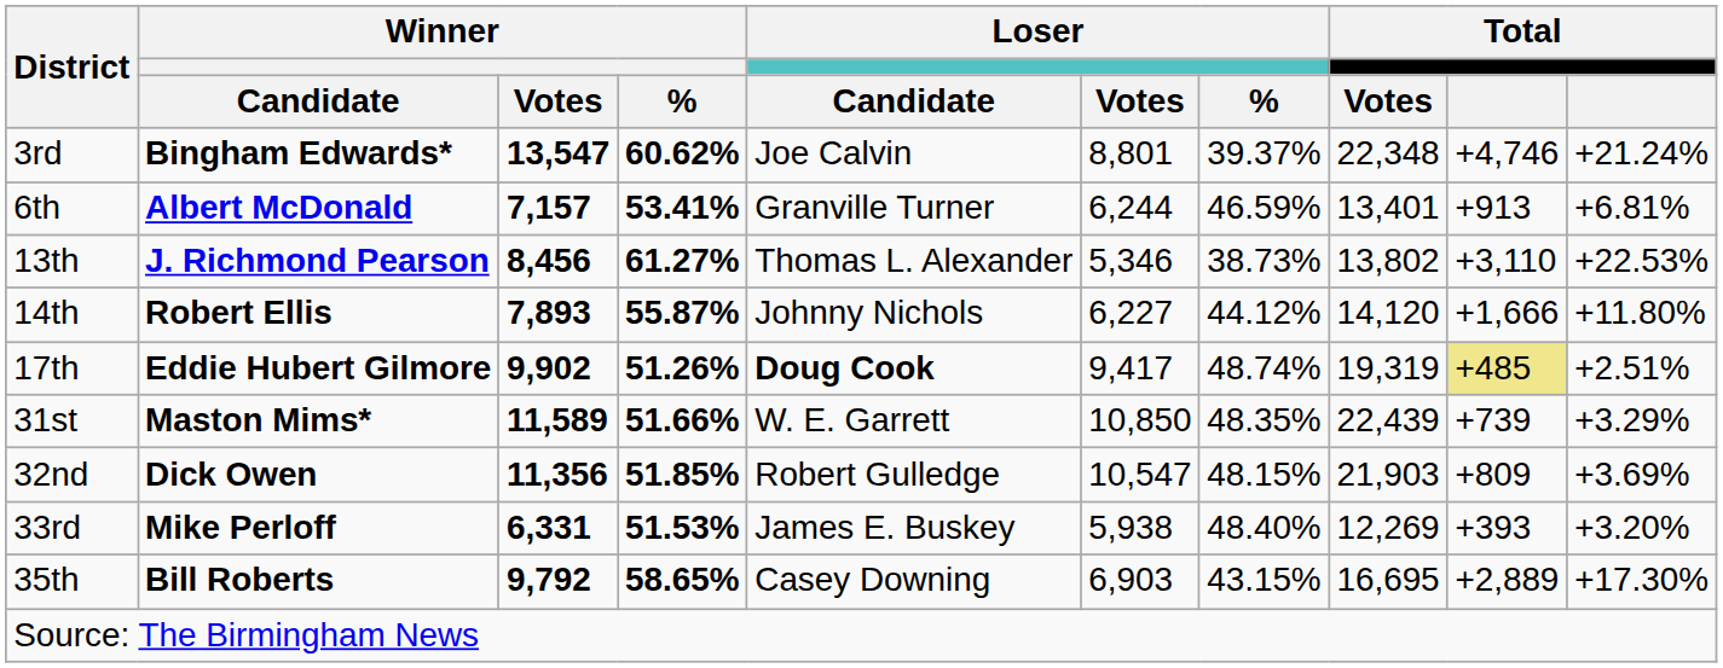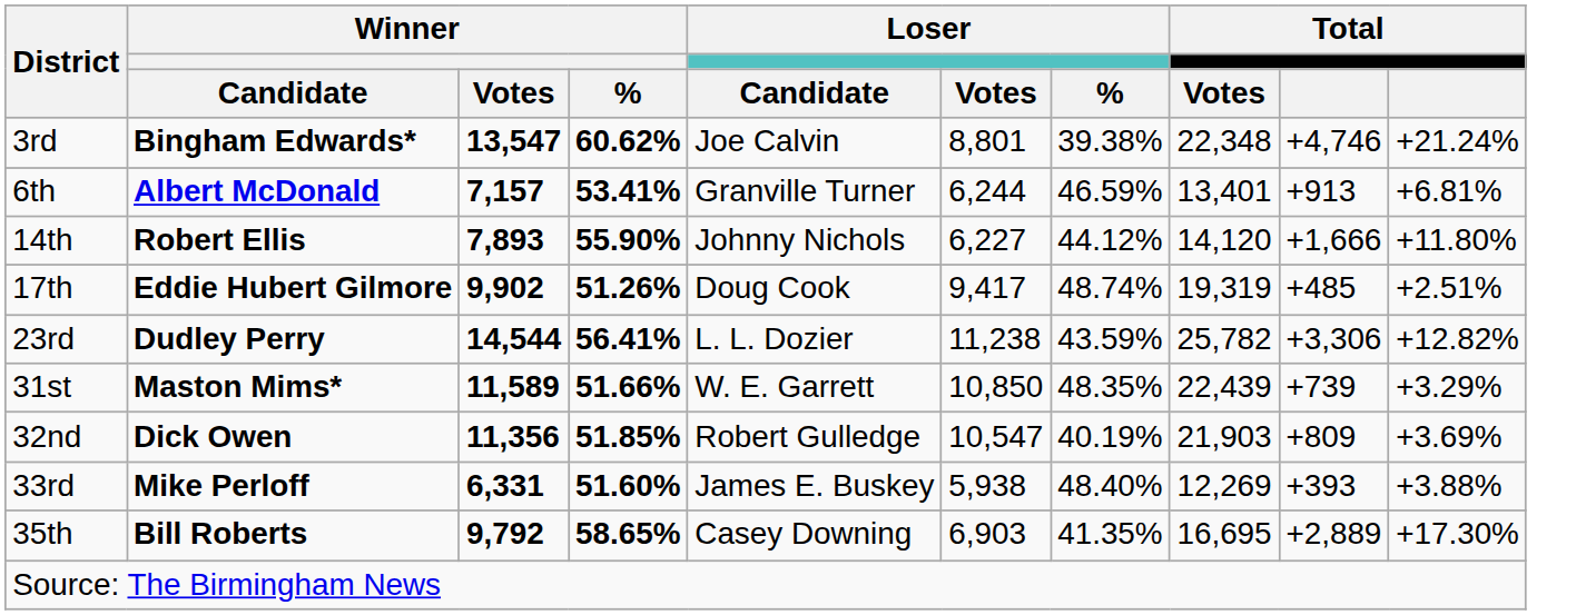 <table class="wikitable sortable defaultcenter">
 <tr>
 <th rowspan="3">District</th>
 <th colspan=3>Winner</th>
 <th colspan=3>Loser</th>
 <th colspan=3>Total</th>
 </tr>
 <tr>
 <th colspan=3 style="background-color:"></th>
 <th colspan=3 style="background-color:#51C2C2"></th>
 <th colspan=3 style="background-color:#000000"></th>
 </tr>
 <tr>
 <th>Candidate</th>
 <th>Votes</th>
 <th>%</th>
 <th>Candidate</th>
 <th>Votes</th>
 <th>%</th>
 <th>Votes</th>
 <th></th>
 <th></th>
 </tr>
 <tr>
 <td>3rd</td>
 <td><strong>Bingham Edwards*</strong></td>
 <td><strong>13,547</strong></td>
 <td><strong>60.62%</strong></td>
 <td>Joe Calvin</td>
 <td>8,801</td>
-<td>39.37%</td>
+<td>39.38%</td>
 <td>22,348</td>
 <td>+4,746</td>
 <td>+21.24%</td>
 </tr>
 <tr>
 <td>6th</td>
 <td><strong><a href='#'>Albert McDonald</a></strong></td>
 <td><strong>7,157</strong></td>
 <td><strong>53.41%</strong></td>
 <td>Granville Turner</td>
 <td>6,244</td>
 <td>46.59%</td>
 <td>13,401</td>
 <td>+913</td>
 <td>+6.81%</td>
 </tr>
 <tr>
-<td>13th</td>
-<td><strong><a href='#'>J. Richmond Pearson</a></strong></td>
-<td><strong>8,456</strong></td>
-<td><strong>61.27%</strong></td>
-<td>Thomas L. Alexander</td>
-<td>5,346</td>
-<td>38.73%</td>
-<td>13,802</td>
-<td>+3,110</td>
-<td>+22.53%</td>
-</tr>
-<tr>
 <td>14th</td>
 <td><strong>Robert Ellis</strong></td>
 <td><strong>7,893</strong></td>
-<td><strong>55.87%</strong></td>
+<td><strong>55.90%</strong></td>
 <td>Johnny Nichols</td>
 <td>6,227</td>
 <td>44.12%</td>
 <td>14,120</td>
 <td>+1,666</td>
 <td>+11.80%</td>
 </tr>
 <tr>
 <td>17th</td>
 <td><strong>Eddie Hubert Gilmore</strong></td>
 <td><strong>9,902</strong></td>
 <td><strong>51.26%</strong></td>
-<td><strong>Doug Cook</strong></td>
+<td>Doug Cook</td>
 <td>9,417</td>
 <td>48.74%</td>
 <td>19,319</td>
-<td style="background: khaki;">+485</td>
+<td>+485</td>
 <td>+2.51%</td>
+</tr>
+<tr>
+<td>23rd</td>
+<td><strong>Dudley Perry</strong></td>
+<td><strong>14,544</strong></td>
+<td><strong>56.41%</strong></td>
+<td>L. L. Dozier</td>
+<td>11,238</td>
+<td>43.59%</td>
+<td>25,782</td>
+<td>+3,306</td>
+<td>+12.82%</td>
 </tr>
 <tr>
 <td>31st</td>
 <td><strong>Maston Mims*</strong></td>
 <td><strong>11,589</strong></td>
 <td><strong>51.66%</strong></td>
 <td>W. E. Garrett</td>
 <td>10,850</td>
 <td>48.35%</td>
 <td>22,439</td>
 <td>+739</td>
 <td>+3.29%</td>
 </tr>
 <tr>
 <td>32nd</td>
 <td><strong>Dick Owen</strong></td>
 <td><strong>11,356</strong></td>
 <td><strong>51.85%</strong></td>
 <td>Robert Gulledge</td>
 <td>10,547</td>
-<td>48.15%</td>
+<td>40.19%</td>
 <td>21,903</td>
 <td>+809</td>
 <td>+3.69%</td>
 </tr>
 <tr>
 <td>33rd</td>
 <td><strong>Mike Perloff</strong></td>
 <td><strong>6,331</strong></td>
-<td><strong>51.53%</strong></td>
+<td><strong>51.60%</strong></td>
 <td>James E. Buskey</td>
 <td>5,938</td>
 <td>48.40%</td>
 <td>12,269</td>
 <td>+393</td>
-<td>+3.20%</td>
+<td>+3.88%</td>
 </tr>
 <tr>
 <td>35th</td>
 <td><strong>Bill Roberts</strong></td>
 <td><strong>9,792</strong></td>
 <td><strong>58.65%</strong></td>
 <td>Casey Downing</td>
 <td>6,903</td>
-<td>43.15%</td>
+<td>41.35%</td>
 <td>16,695</td>
 <td>+2,889</td>
 <td>+17.30%</td>
 </tr>
 <tr>
 <td style="text-align:left;" colspan=10>Source: <a href='#'>The Birmingham News</a></td>
 </tr>
 </table>
